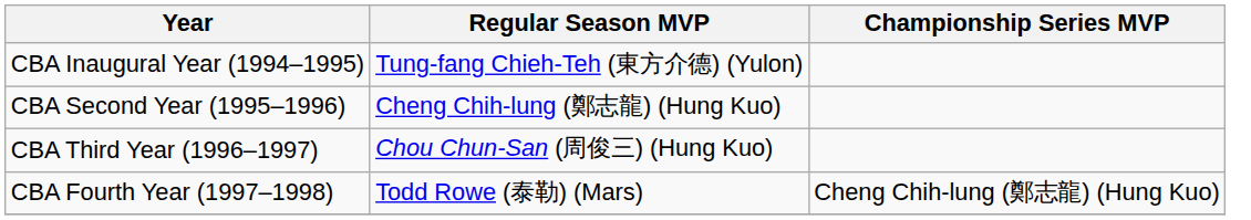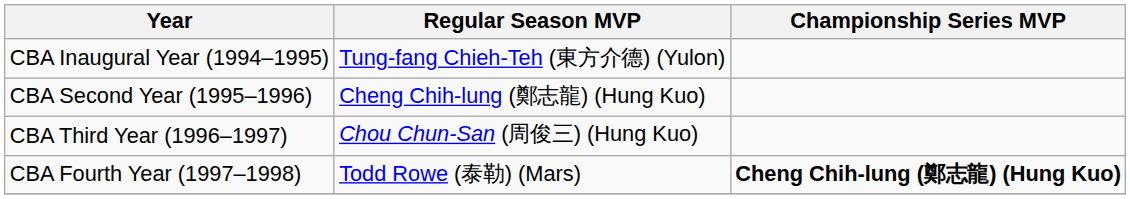 <table class=wikitable>
 <tr>
 <th>Year</th>
 <th>Regular Season MVP</th>
 <th>Championship Series MVP</th>
 </tr>
 <tr>
 <td>CBA Inaugural Year <span>(1994–1995)</span></td>
 <td><a href='#'>Tung-fang Chieh-Teh</a> (東方介德) <span>(Yulon)</span></td>
 <td></td>
 </tr>
 <tr>
 <td>CBA Second Year <span>(1995–1996)</span></td>
 <td><a href='#'>Cheng Chih-lung</a> (鄭志龍) <span>(Hung Kuo)</span></td>
 <td></td>
 </tr>
 <tr>
 <td>CBA Third Year <span>(1996–1997)</span></td>
 <td><em><a href='#'>Chou Chun-San</a></em> (周俊三) <span>(Hung Kuo)</span> </td>
 <td></td>
 </tr>
 <tr>
 <td>CBA Fourth Year <span>(1997–1998)</span></td>
 <td><a href='#'>Todd Rowe</a> (泰勒) <span>(Mars)</span></td>
-<td>Cheng Chih-lung (鄭志龍) <span>(Hung Kuo)</span></td>
+<td><strong>Cheng Chih-lung (鄭志龍) <span>(Hung Kuo)</span></strong></td>
 </tr>
 <tr>
 </tr>
 </table>
